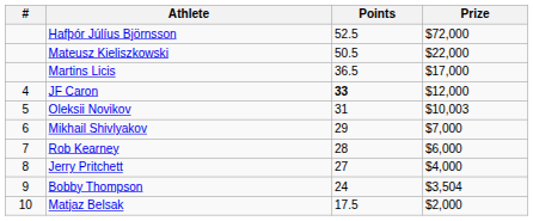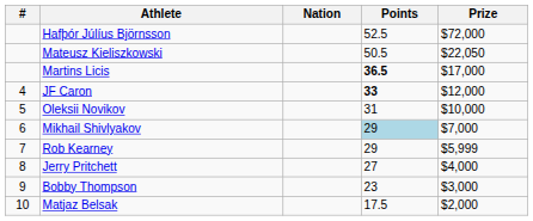 <table class="wikitable" style="display: inline-table;width: 55%;">
 <tr>
 <th scope="col">#</th>
 <th scope="col">Athlete</th>
+<th scope="col">Nation</th>
 <th scope="col">Points</th>
 <th scope="col">Prize</th>
 </tr>
 <tr 30>
 <td align="center"></td>
 <td><a href='#'>Hafþór Júlíus Björnsson</a></td>
+<td></td>
 <td>52.5</td>
 <td>$72,000</td>
 </tr>
 <tr>
 <td align="center"></td>
 <td><a href='#'>Mateusz Kieliszkowski</a></td>
+<td></td>
 <td>50.5</td>
-<td>$22,000</td>
+<td>$22,050</td>
 </tr>
 <tr>
 <td align="center"></td>
 <td><a href='#'>Martins Licis</a></td>
-<td>36.5</td>
+<td></td>
+<td><strong>36.5</strong></td>
 <td>$17,000</td>
 </tr>
 <tr>
 <td align="center">4</td>
 <td><a href='#'>JF Caron</a></td>
+<td></td>
 <td><strong>33</strong></td>
 <td>$12,000</td>
 </tr>
 <tr>
 <td align="center">5</td>
 <td><a href='#'>Oleksii Novikov</a></td>
+<td></td>
 <td>31</td>
-<td>$10,003</td>
+<td>$10,000</td>
 </tr>
 <tr>
 <td align="center">6</td>
 <td><a href='#'>Mikhail Shivlyakov</a></td>
-<td>29</td>
+<td></td>
+<td style="background: lightblue;">29</td>
 <td>$7,000</td>
 </tr>
 <tr>
 <td align="center">7</td>
 <td><a href='#'>Rob Kearney</a></td>
-<td>28</td>
-<td>$6,000</td>
+<td></td>
+<td>29</td>
+<td>$5,999</td>
 </tr>
 <tr>
 <td align="center">8</td>
 <td><a href='#'>Jerry Pritchett</a></td>
+<td></td>
 <td>27</td>
 <td>$4,000</td>
 </tr>
 <tr>
 <td align="center">9</td>
 <td><a href='#'>Bobby Thompson</a></td>
-<td>24</td>
-<td>$3,504</td>
+<td></td>
+<td>23</td>
+<td>$3,000</td>
 </tr>
 <tr>
 <td align="center">10</td>
 <td><a href='#'>Matjaz Belsak</a></td>
+<td></td>
 <td>17.5</td>
 <td>$2,000</td>
 </tr>
 </table>
